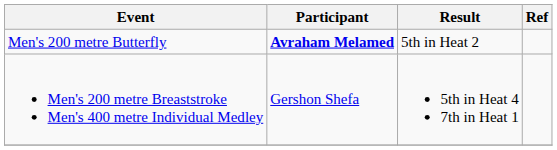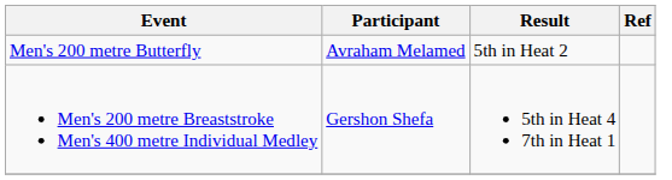 <table class="wikitable" style="font-size: 95%;">
 <tr>
 <th>Event</th>
 <th>Participant</th>
 <th>Result</th>
 <th>Ref</th>
 </tr>
 <tr>
 <td><a href='#'>Men's 200 metre Butterfly</a></td>
-<td><strong><a href='#'>Avraham Melamed</a></strong></td>
+<td><a href='#'>Avraham Melamed</a></td>
 <td>5th in Heat 2</td>
 <td></td>
 </tr>
 <tr>
 <td><br><ul><li><a href='#'>Men's 200 metre Breaststroke</a></li><li><a href='#'>Men's 400 metre Individual Medley</a></li></ul></td>
 <td><a href='#'>Gershon Shefa</a></td>
 <td><br><ul><li>5th in Heat 4</li><li>7th in Heat 1</li></ul></td>
 <td></td>
 </tr>
 <tr>
 </tr>
 </table>
